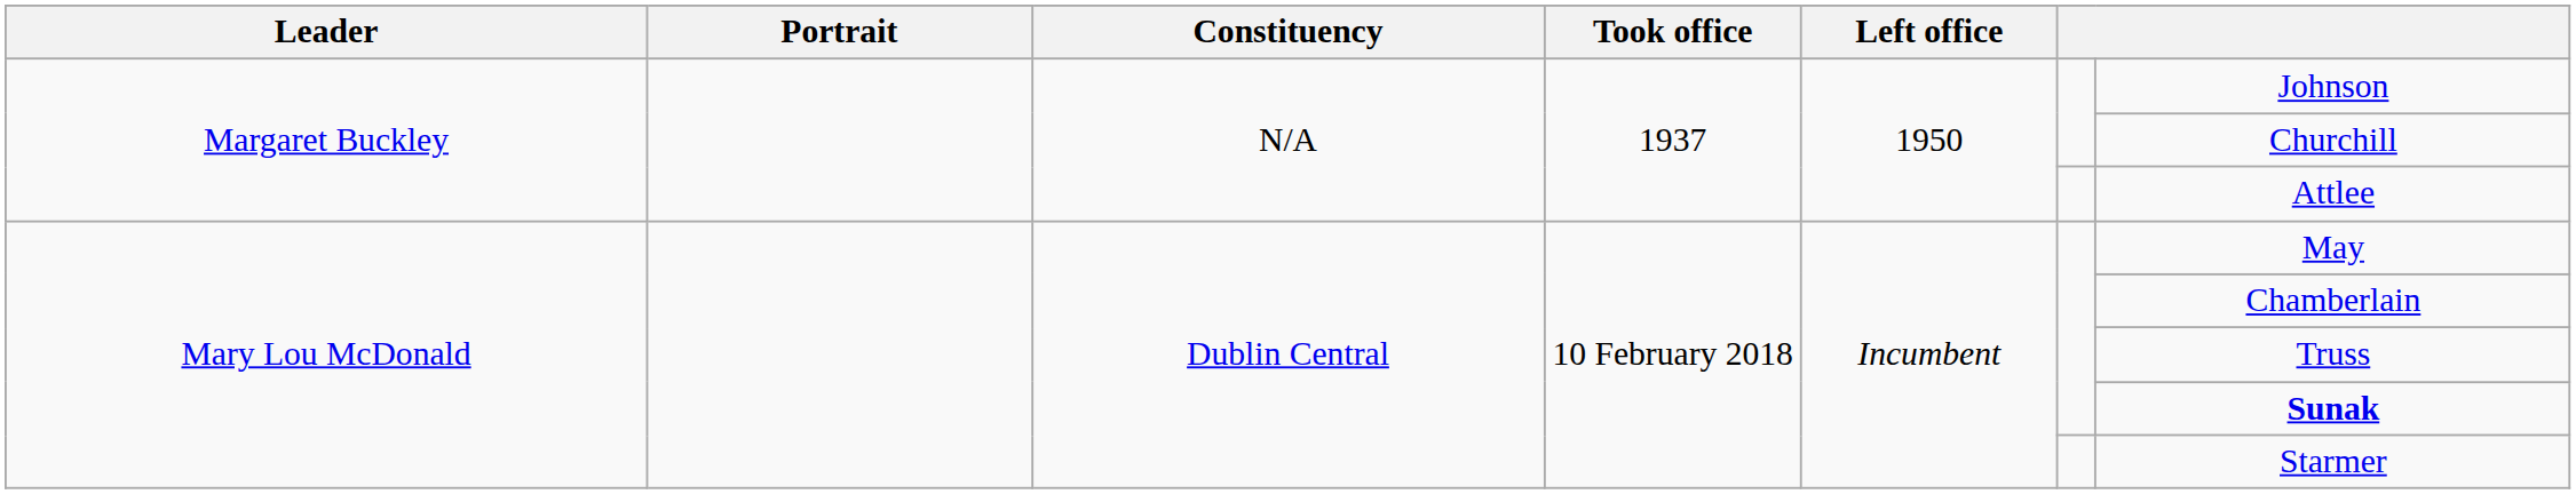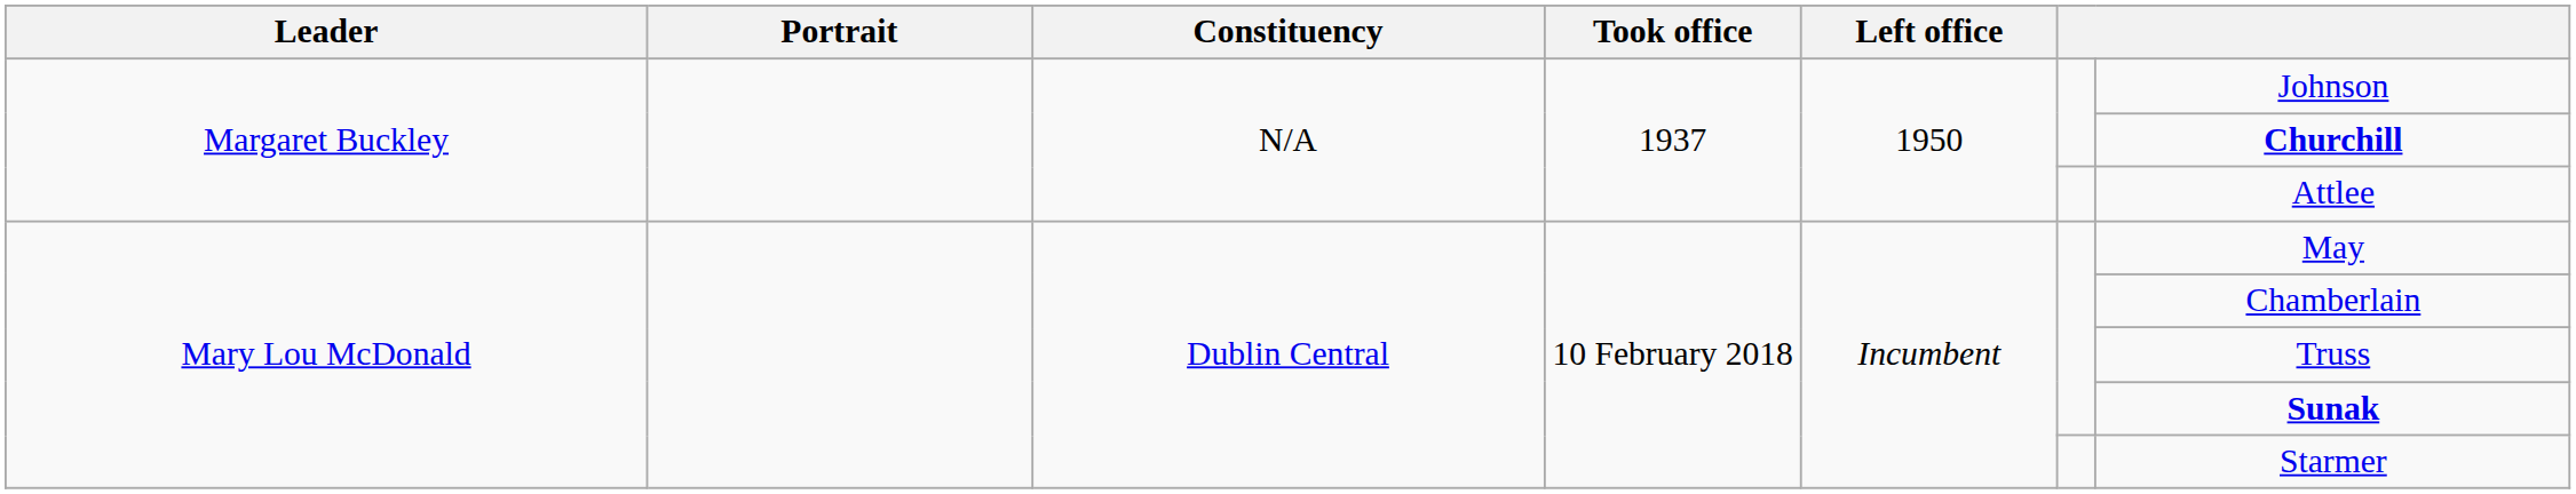 <table class="wikitable" style="text-align:center">
 <tr>
 <th style="width:25%;">Leader<br></th>
 <th width=60>Portrait</th>
 <th style="width:20%;">Constituency</th>
 <th style="width:10%;">Took office</th>
 <th style="width:10%;">Left office</th>
 <th colspan="2" style="width:20%;"></th>
 </tr>
 <tr>
 <td rowspan=3><a href='#'>Margaret Buckley</a><br></td>
 <td rowspan=3></td>
 <td rowspan=3>N/A</td>
 <td rowspan=3>1937</td>
 <td rowspan=3>1950</td>
 <td rowspan=2 style="background-color: "></td>
 <td><a href='#'>Johnson</a></td>
 </tr>
 <tr>
-<td><a href='#'>Churchill</a></td>
+<td><strong><a href='#'>Churchill</a></strong></td>
 </tr>
 <tr>
 <td style="background-color: "></td>
 <td><a href='#'>Attlee</a></td>
 </tr>
 <tr>
 <td rowspan=5><a href='#'>Mary Lou McDonald</a><br></td>
 <td rowspan=5></td>
 <td rowspan=5><a href='#'>Dublin Central</a> </td>
 <td rowspan=5>10 February 2018</td>
 <td rowspan=5><em>Incumbent</em></td>
 <td rowspan=4 style="background-color: "></td>
 <td><a href='#'>May</a></td>
 </tr>
 <tr>
 <td><a href='#'>Chamberlain</a></td>
 </tr>
 <tr>
 <td><a href='#'>Truss</a></td>
 </tr>
 <tr>
 <td><strong><a href='#'>Sunak</a></strong></td>
 </tr>
 <tr>
 <td style="background-color: "></td>
 <td><a href='#'>Starmer</a></td>
 </tr>
 </table>
